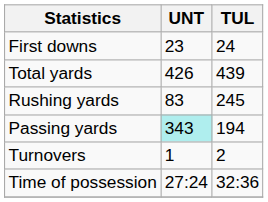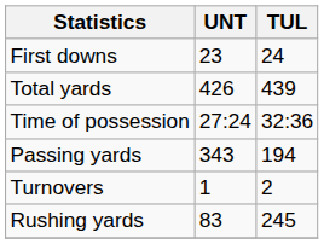 <table class="wikitable" style="float: left;">
 <tr>
 <th>Statistics</th>
 <th>UNT</th>
 <th>TUL</th>
 </tr>
 <tr>
 <td>First downs</td>
 <td>23</td>
 <td>24</td>
 </tr>
 <tr>
 <td>Total yards</td>
 <td>426</td>
 <td>439</td>
 </tr>
 <tr>
-<td>Rushing yards</td>
-<td>83</td>
-<td>245</td>
+<td>Time of possession</td>
+<td>27:24</td>
+<td>32:36</td>
 </tr>
 <tr>
 <td>Passing yards</td>
-<td style="background: paleturquoise;">343</td>
+<td>343</td>
 <td>194</td>
 </tr>
 <tr>
 <td>Turnovers</td>
 <td>1</td>
 <td>2</td>
 </tr>
 <tr>
-<td>Time of possession</td>
-<td>27:24</td>
-<td>32:36</td>
+<td>Rushing yards</td>
+<td>83</td>
+<td>245</td>
 </tr>
 <tr>
 </tr>
 </table>
